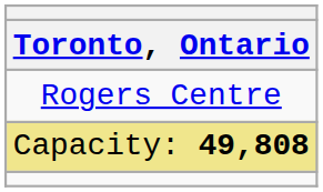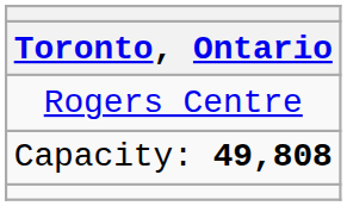 <table class="wikitable" style="text-align:center">
 <tr>
 <th></th>
 </tr>
 <tr>
 <th><a href='#'>Toronto</a>, <a href='#'>Ontario</a></th>
 </tr>
 <tr>
 <td><a href='#'>Rogers Centre</a></td>
 </tr>
 <tr>
-<td style="background: khaki;">Capacity: <strong>49,808</strong></td>
+<td>Capacity: <strong>49,808</strong></td>
 </tr>
 <tr>
 <td></td>
 </tr>
 </table>
